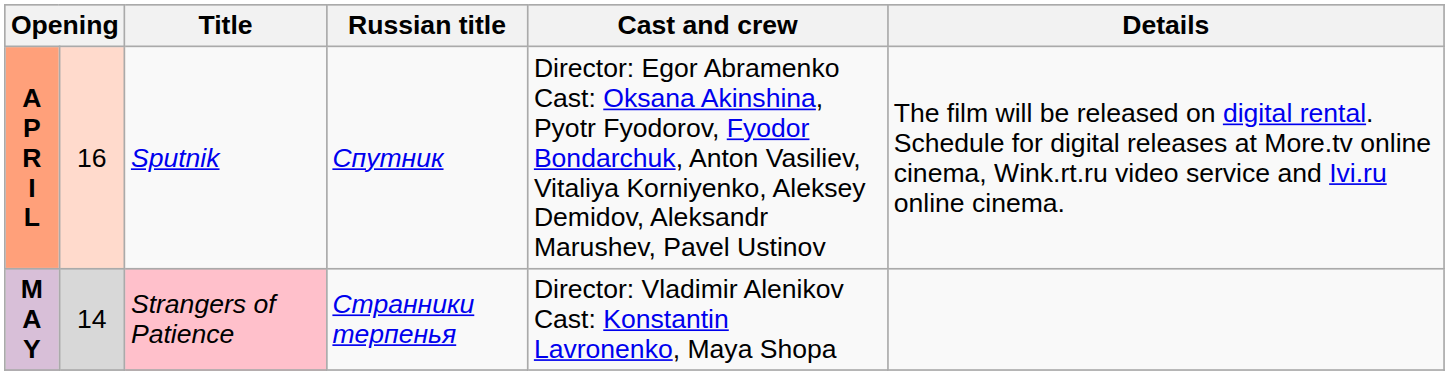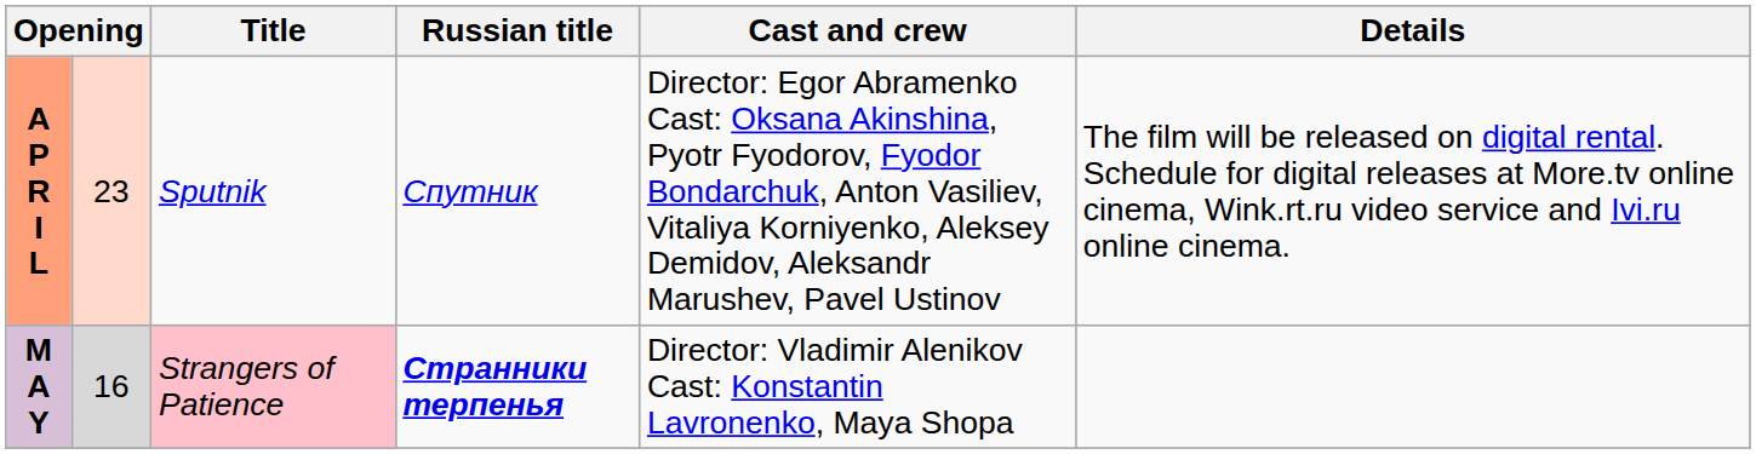 <table class="wikitable">
 <tr>
 <th colspan="2">Opening</th>
 <th style="width:14%;">Title</th>
 <th style="width:14%;">Russian title</th>
 <th style="width:25%;">Cast and crew</th>
 <th>Details</th>
 </tr>
 <tr>
 <th rowspan="1" align="center" style="background:#ffa07a; textcolor:#000;">A<br>P<br>R<br>I<br>L</th>
-<td align="center" style="background:#ffdacc;">16</td>
+<td align="center" style="background:#ffdacc;">23</td>
 <td><em><a href='#'>Sputnik</a></em></td>
 <td><em><a href='#'>Спутник</a></em></td>
 <td>Director: Egor Abramenko <br> Cast: <a href='#'>Oksana Akinshina</a>, Pyotr Fyodorov, <a href='#'>Fyodor Bondarchuk</a>, Anton Vasiliev, Vitaliya Korniyenko, Aleksey Demidov, Aleksandr Marushev, Pavel Ustinov</td>
 <td>The film will be released on <a href='#'>digital rental</a>. Schedule for digital releases at More.tv online cinema, Wink.rt.ru video service and <a href='#'>Ivi.ru</a> online cinema. </td>
 </tr>
 <tr>
 <th rowspan="1" align="center" style="background:thistle; textcolor:#000;">M<br>A<br>Y</th>
-<td align="center" style="background:#d8d8d8;">14</td>
+<td align="center" style="background:#d8d8d8;">16</td>
 <td style="background: pink;"><em>Strangers of Patience</em></td>
-<td><em><a href='#'>Странники терпенья</a></em></td>
+<td><strong><em><a href='#'>Странники терпенья</a></em></strong></td>
 <td>Director: Vladimir Alenikov <br> Cast: <a href='#'>Konstantin Lavronenko</a>, Maya Shopa</td>
 <td></td>
 </tr>
 </table>
